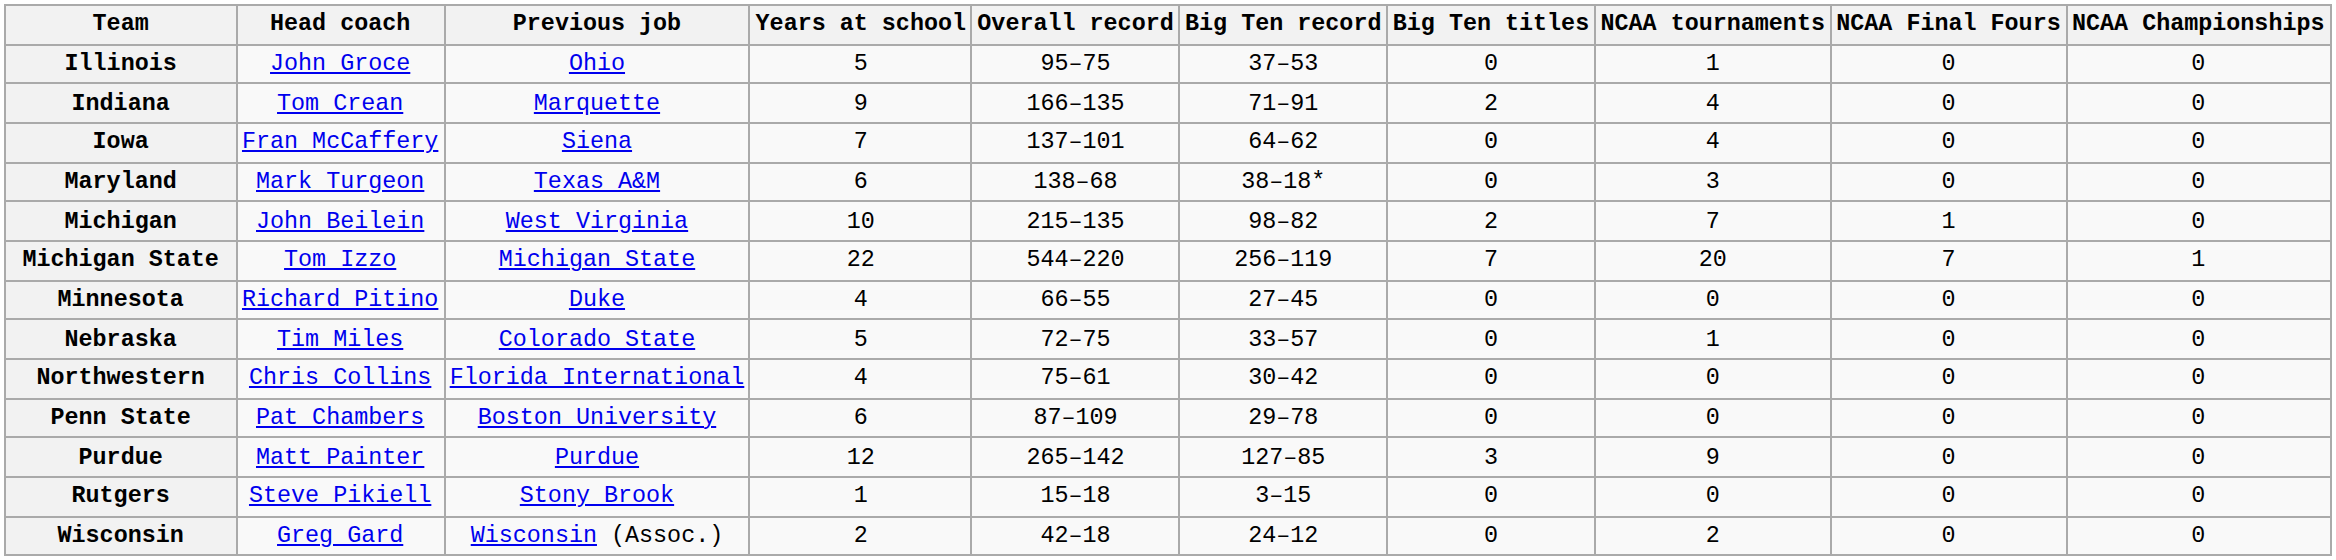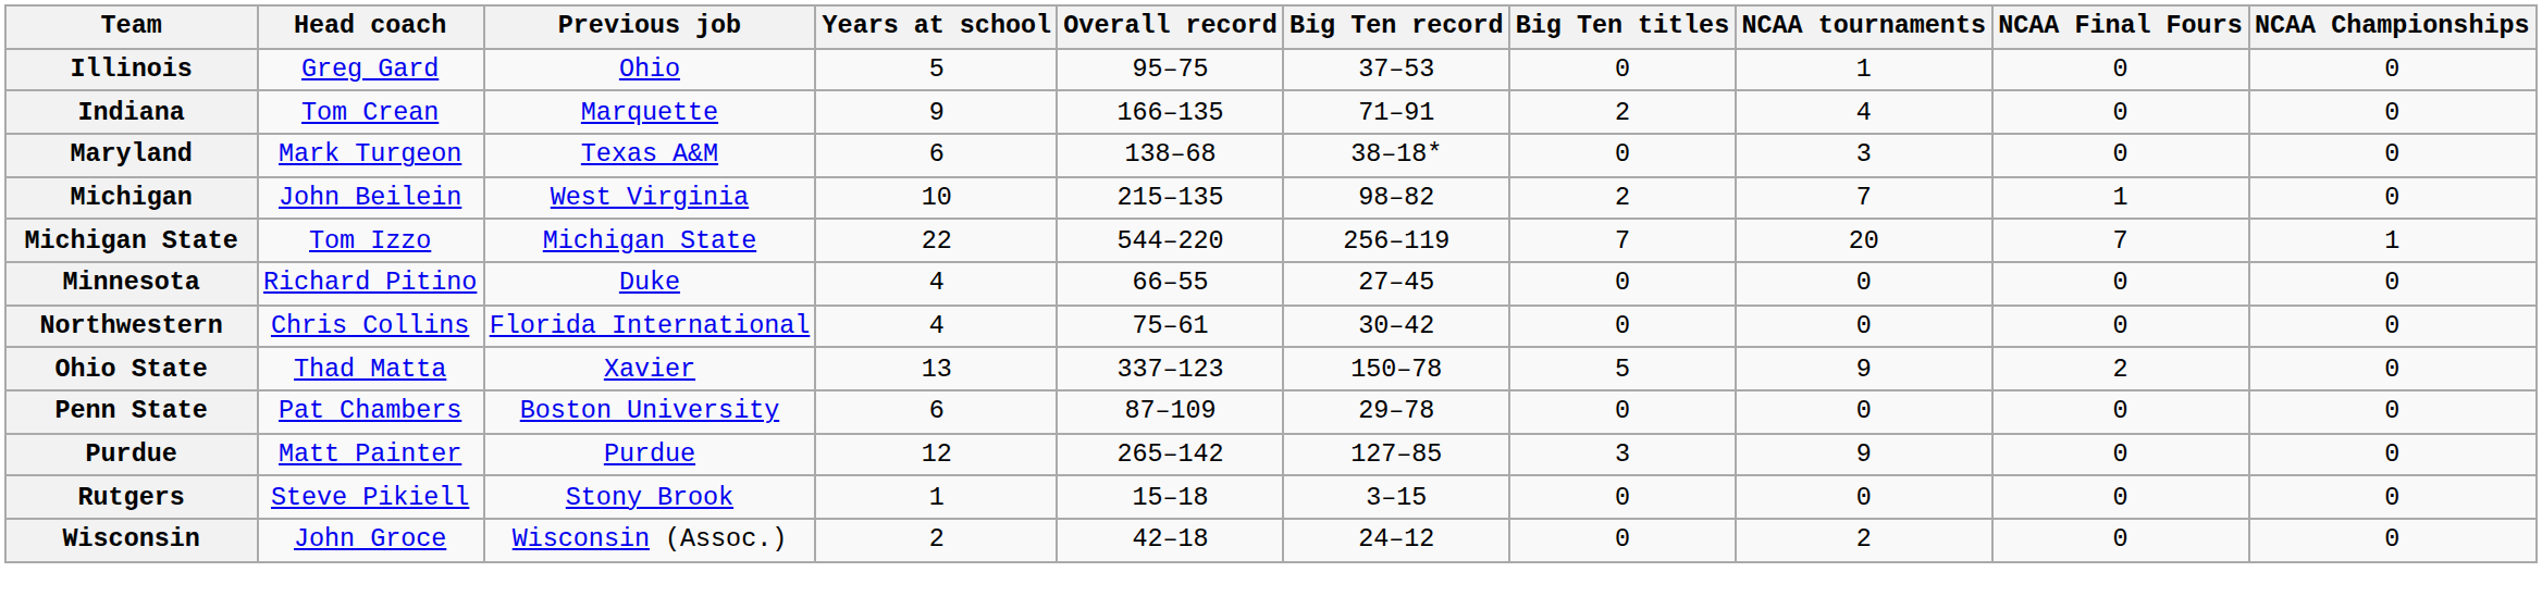 <table class="wikitable sortable" style="text-align: center;font-size:90%;">
 <tr>
 <th width="110">Team</th>
 <th>Head coach</th>
 <th>Previous job</th>
 <th>Years at school</th>
 <th>Overall record</th>
 <th>Big Ten record</th>
 <th>Big Ten titles</th>
 <th>NCAA tournaments</th>
 <th>NCAA Final Fours</th>
 <th>NCAA Championships</th>
 </tr>
 <tr>
 <th style="background:#">Illinois</th>
-<td><a href='#'>John Groce</a></td>
+<td><a href='#'>Greg Gard</a></td>
 <td><a href='#'>Ohio</a></td>
 <td>5</td>
 <td>95–75</td>
 <td>37–53</td>
 <td>0</td>
 <td>1</td>
 <td>0</td>
 <td>0</td>
 </tr>
 <tr>
 <th>Indiana</th>
 <td><a href='#'>Tom Crean</a></td>
 <td><a href='#'>Marquette</a></td>
 <td>9</td>
 <td>166–135</td>
 <td>71–91</td>
 <td>2</td>
-<td>4</td>
-<td>0</td>
-<td>0</td>
-</tr>
-<tr>
-<th style=>Iowa</th>
-<td><a href='#'>Fran McCaffery</a></td>
-<td><a href='#'>Siena</a></td>
-<td>7</td>
-<td>137–101</td>
-<td>64–62</td>
-<td>0</td>
 <td>4</td>
 <td>0</td>
 <td>0</td>
 </tr>
 <tr>
 <th style=>Maryland</th>
 <td><a href='#'>Mark Turgeon</a></td>
 <td><a href='#'>Texas A&M</a></td>
 <td>6</td>
 <td>138–68</td>
 <td>38–18*</td>
 <td>0</td>
 <td>3</td>
 <td>0</td>
 <td>0</td>
 </tr>
 <tr>
 <th style=>Michigan</th>
 <td><a href='#'>John Beilein</a></td>
 <td><a href='#'>West Virginia</a></td>
 <td>10</td>
 <td>215–135</td>
 <td>98–82</td>
 <td>2</td>
 <td>7</td>
 <td>1</td>
 <td>0</td>
 </tr>
 <tr>
 <th>Michigan State</th>
 <td><a href='#'>Tom Izzo</a></td>
 <td><a href='#'>Michigan State</a> </td>
 <td>22</td>
 <td>544–220</td>
 <td>256–119</td>
 <td>7</td>
 <td>20</td>
 <td>7</td>
 <td>1</td>
 </tr>
 <tr>
 <th style=>Minnesota</th>
 <td><a href='#'>Richard Pitino</a></td>
 <td><a href='#'>Duke</a> </td>
 <td>4</td>
 <td>66–55</td>
 <td>27–45</td>
 <td>0</td>
 <td>0</td>
 <td>0</td>
 <td>0</td>
 </tr>
 <tr>
-<th>Nebraska</th>
-<td><a href='#'>Tim Miles</a></td>
-<td><a href='#'>Colorado State</a></td>
-<td>5</td>
-<td>72–75</td>
-<td>33–57</td>
-<td>0</td>
-<td>1</td>
-<td>0</td>
-<td>0</td>
-</tr>
-<tr>
 <th>Northwestern</th>
 <td><a href='#'>Chris Collins</a></td>
 <td><a href='#'>Florida International</a></td>
 <td>4</td>
 <td>75–61</td>
 <td>30–42</td>
 <td>0</td>
 <td>0</td>
 <td>0</td>
+<td>0</td>
+</tr>
+<tr>
+<th>Ohio State</th>
+<td><a href='#'>Thad Matta</a></td>
+<td><a href='#'>Xavier</a></td>
+<td>13</td>
+<td>337–123</td>
+<td>150–78</td>
+<td>5</td>
+<td>9</td>
+<td>2</td>
 <td>0</td>
 </tr>
 <tr>
 <th>Penn State</th>
 <td><a href='#'>Pat Chambers</a></td>
 <td><a href='#'>Boston University</a></td>
 <td>6</td>
 <td>87–109</td>
 <td>29–78</td>
 <td>0</td>
 <td>0</td>
 <td>0</td>
 <td>0</td>
 </tr>
 <tr>
 <th style=>Purdue</th>
 <td><a href='#'>Matt Painter</a></td>
 <td><a href='#'>Purdue</a> </td>
 <td>12</td>
 <td>265–142</td>
 <td>127–85</td>
 <td>3</td>
 <td>9</td>
 <td>0</td>
 <td>0</td>
 </tr>
 <tr>
 <th>Rutgers</th>
 <td><a href='#'>Steve Pikiell</a></td>
 <td><a href='#'>Stony Brook</a></td>
 <td>1</td>
 <td>15–18</td>
 <td>3–15</td>
 <td>0</td>
 <td>0</td>
 <td>0</td>
 <td>0</td>
 </tr>
 <tr>
 <th>Wisconsin</th>
-<td><a href='#'>Greg Gard</a></td>
+<td><a href='#'>John Groce</a></td>
 <td><a href='#'>Wisconsin</a> (Assoc.)</td>
 <td>2</td>
 <td>42–18</td>
 <td>24–12</td>
 <td>0</td>
 <td>2</td>
 <td>0</td>
 <td>0</td>
 </tr>
 </table>
